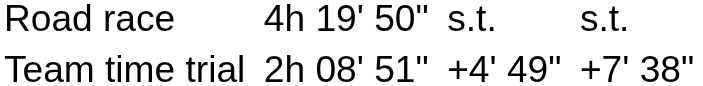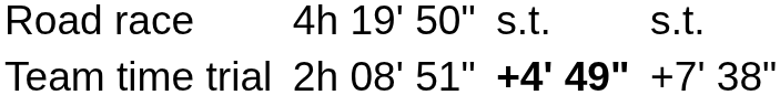 <table>
 <tr>
 <td>Road race</td>
 <td></td>
 <td>4h 19' 50"</td>
 <td></td>
 <td>s.t.</td>
 <td></td>
 <td>s.t.</td>
 </tr>
 <tr>
 <td>Team time trial</td>
 <td><br></td>
 <td>2h 08' 51"</td>
 <td><br></td>
-<td>+4' 49"</td>
+<td><strong>+4' 49"</strong></td>
 <td><br></td>
 <td>+7' 38"</td>
 </tr>
 </table>
